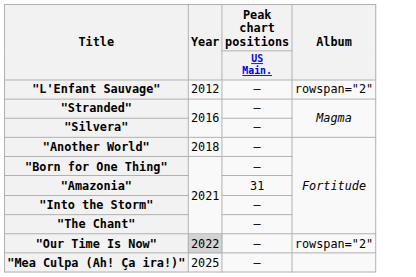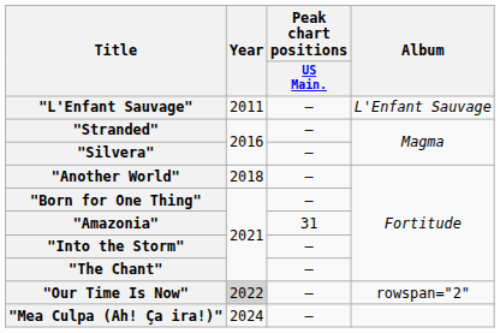 <table class="wikitable plainrowheaders" style="text-align:center;">
 <tr>
 <th scope="col" rowspan="2">Title</th>
 <th scope="col" rowspan="2">Year</th>
 <th scope="col">Peak chart positions</th>
 <th scope="col" rowspan="2">Album</th>
 </tr>
 <tr style="font-size:smaller">
 <th style="width:30px;"><a href='#'>US<br>Main.</a><br></th>
 </tr>
 <tr>
 <th scope="row">"L'Enfant Sauvage"</th>
-<td>2012</td>
+<td>2011</td>
 <td>—</td>
-<td>rowspan="2" </td>
+<td><em>L'Enfant Sauvage</em></td>
 </tr>
 <tr>
 <th scope="row">"Stranded"</th>
 <td rowspan="2">2016</td>
 <td>—</td>
 <td rowspan="2"><em>Magma</em></td>
 </tr>
 <tr>
 <th scope="row">"Silvera"</th>
 <td>—</td>
 </tr>
 <tr>
 <th scope="row">"Another World"</th>
 <td>2018</td>
 <td>—</td>
 <td rowspan="5"><em>Fortitude</em></td>
 </tr>
 <tr>
 <th scope="row">"Born for One Thing"</th>
 <td rowspan="4">2021</td>
 <td>—</td>
 </tr>
 <tr>
 <th scope="row">"Amazonia"</th>
 <td>31</td>
 </tr>
 <tr>
 <th scope="row">"Into the Storm"</th>
 <td>—</td>
 </tr>
 <tr>
 <th scope="row">"The Chant"</th>
 <td>—</td>
 </tr>
 <tr>
 <th scope="row">"Our Time Is Now"</th>
 <td style="background: lightgrey;">2022</td>
 <td>—</td>
 <td>rowspan="2" </td>
 </tr>
 <tr>
 <th scope="row">"Mea Culpa (Ah! Ça ira!)"</th>
-<td>2025</td>
+<td>2024</td>
 <td>—</td>
 </tr>
 </table>
